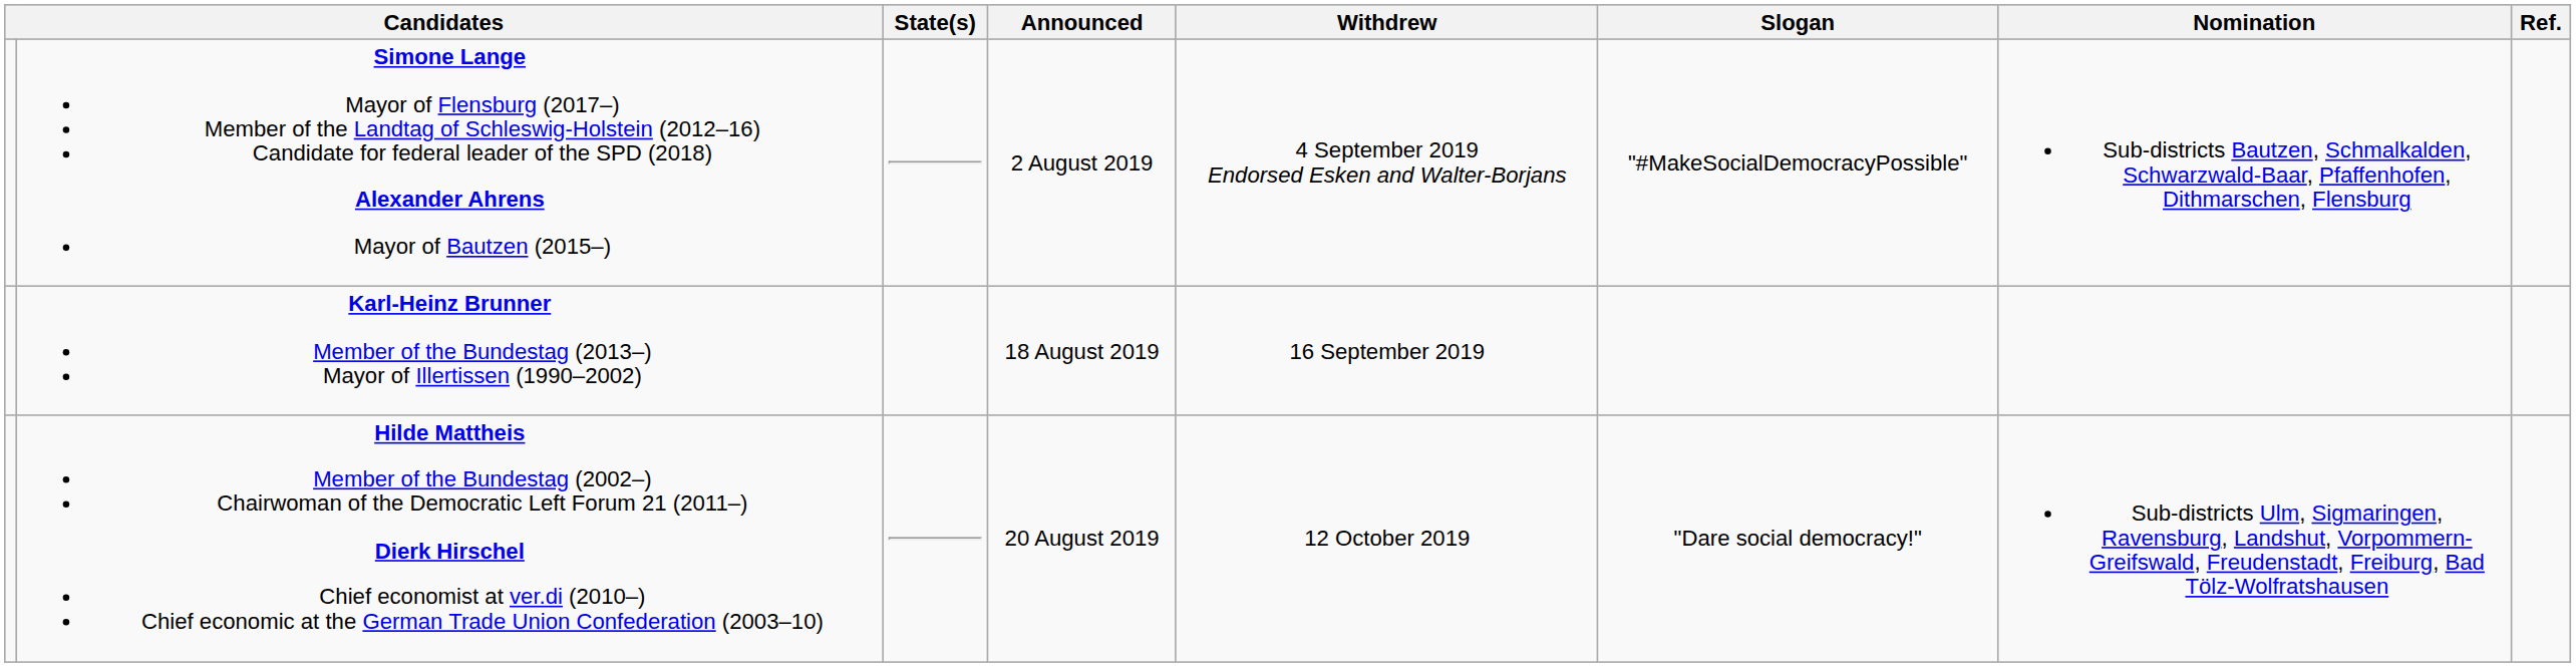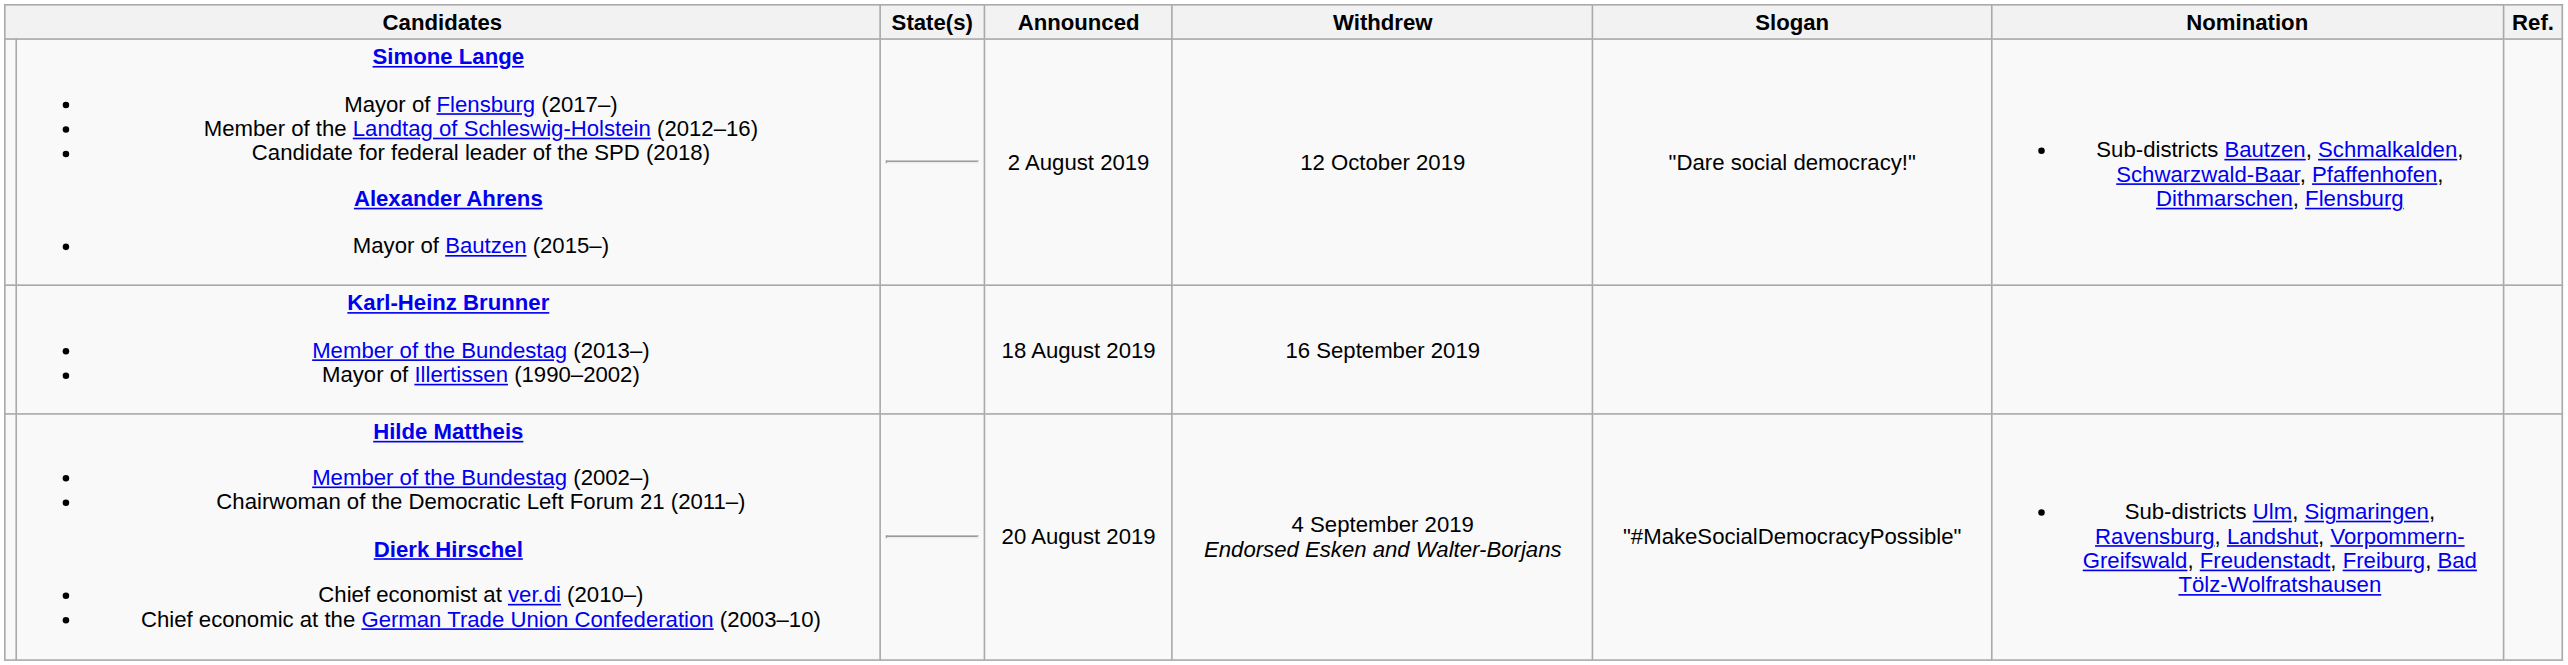 <table class="wikitable" style="text-align:center; font-size:85%">
 <tr>
 <th colspan=2>Candidates</th>
 <th>State(s)</th>
 <th>Announced</th>
 <th>Withdrew</th>
 <th>Slogan</th>
 <th style="width:20%">Nomination</th>
 <th>Ref.</th>
 </tr>
 <tr>
 <td><br></td>
 <td><strong><a href='#'>Simone Lange</a></strong><br><ul><li>Mayor of <a href='#'>Flensburg</a> (2017–)</li><li>Member of the <a href='#'>Landtag of Schleswig-Holstein</a> (2012–16)</li><li>Candidate for federal leader of the SPD (2018)</li></ul><strong><a href='#'>Alexander Ahrens</a></strong><ul><li>Mayor of <a href='#'>Bautzen</a> (2015–)</li></ul></td>
 <td><hr></td>
 <td>2 August 2019</td>
-<td>4 September 2019<br><em>Endorsed Esken and Walter-Borjans</em></td>
-<td>"#MakeSocialDemocracyPossible"<br><em></em></td>
+<td>12 October 2019</td>
+<td>"Dare social democracy!"<br><em></em></td>
 <td><br><ul><li>Sub-districts <a href='#'>Bautzen</a>, <a href='#'>Schmalkalden</a>, <a href='#'>Schwarzwald-Baar</a>, <a href='#'>Pfaffenhofen</a>, <a href='#'>Dithmarschen</a>, <a href='#'>Flensburg</a></li></ul></td>
 <td></td>
 </tr>
 <tr>
 <td></td>
 <td><strong><a href='#'>Karl-Heinz Brunner</a></strong><br><ul><li><a href='#'>Member of the Bundestag</a> (2013–)</li><li>Mayor of <a href='#'>Illertissen</a> (1990–2002)</li></ul></td>
 <td></td>
 <td>18 August 2019</td>
 <td>16 September 2019</td>
 <td></td>
 <td></td>
 <td></td>
 </tr>
 <tr>
 <td></td>
 <td><strong><a href='#'>Hilde Mattheis</a></strong><br><ul><li><a href='#'>Member of the Bundestag</a> (2002–)</li><li>Chairwoman of the Democratic Left Forum 21 (2011–)</li></ul><strong><a href='#'>Dierk Hirschel</a></strong><ul><li>Chief economist at <a href='#'>ver.di</a> (2010–)</li><li>Chief economic at the <a href='#'>German Trade Union Confederation</a> (2003–10)</li></ul></td>
 <td><hr></td>
 <td>20 August 2019</td>
-<td>12 October 2019</td>
-<td>"Dare social democracy!"<br><em></em></td>
+<td>4 September 2019<br><em>Endorsed Esken and Walter-Borjans</em></td>
+<td>"#MakeSocialDemocracyPossible"<br><em></em></td>
 <td><br><ul><li>Sub-districts <a href='#'>Ulm</a>, <a href='#'>Sigmaringen</a>, <a href='#'>Ravensburg</a>, <a href='#'>Landshut</a>, <a href='#'>Vorpommern-Greifswald</a>, <a href='#'>Freudenstadt</a>, <a href='#'>Freiburg</a>, <a href='#'>Bad Tölz-Wolfratshausen</a></li></ul></td>
 <td></td>
 </tr>
 </table>
